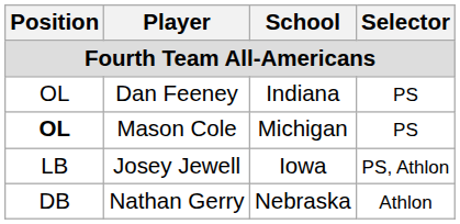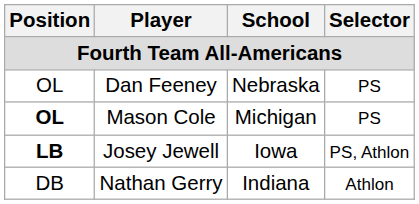 <table class="wikitable">
 <tr>
 <th>Position</th>
 <th>Player</th>
 <th>School</th>
 <th>Selector</th>
 </tr>
 <tr>
 <td colspan="4" style="text-align:center; background:#ddd;"><strong>Fourth Team All-Americans</strong></td>
 </tr>
 <tr style="text-align:center;">
 <td style="background:white">OL</td>
 <td style="background:white">Dan Feeney</td>
-<td style="background:white">Indiana</td>
+<td style="background:white">Nebraska</td>
 <td style="background:white"><small>PS</small></td>
 </tr>
 <tr style="text-align:center;">
 <td style="background:white"><strong>OL</strong></td>
 <td style="background:white">Mason Cole</td>
 <td style="background:white">Michigan</td>
 <td style="background:white"><small>PS</small></td>
 </tr>
 <tr style="text-align:center;">
-<td style="background:white">LB</td>
+<td style="background:white"><strong>LB</strong></td>
 <td style="background:white">Josey Jewell</td>
 <td style="background:white">Iowa</td>
 <td style="background:white"><small>PS, Athlon</small></td>
 </tr>
 <tr style="text-align:center;">
 <td style="background:white">DB</td>
 <td style="background:white">Nathan Gerry</td>
-<td style="background:white">Nebraska</td>
+<td style="background:white">Indiana</td>
 <td style="background:white"><small>Athlon</small></td>
 </tr>
 </table>
